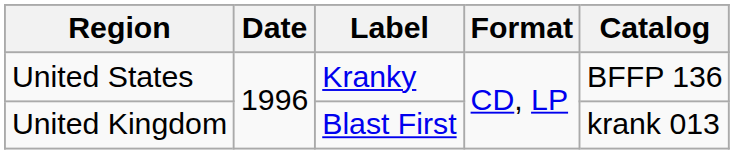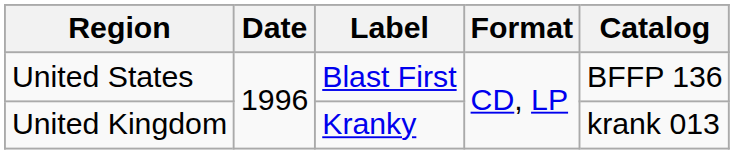 <table class="wikitable">
 <tr>
 <th>Region</th>
 <th>Date</th>
 <th>Label</th>
 <th>Format</th>
 <th>Catalog</th>
 </tr>
 <tr>
 <td>United States</td>
 <td rowspan="2">1996</td>
-<td><a href='#'>Kranky</a></td>
+<td><a href='#'>Blast First</a></td>
 <td rowspan="2"><a href='#'>CD</a>, <a href='#'>LP</a></td>
 <td>BFFP 136</td>
 </tr>
 <tr>
 <td>United Kingdom</td>
-<td><a href='#'>Blast First</a></td>
+<td><a href='#'>Kranky</a></td>
 <td>krank 013</td>
 </tr>
 </table>
